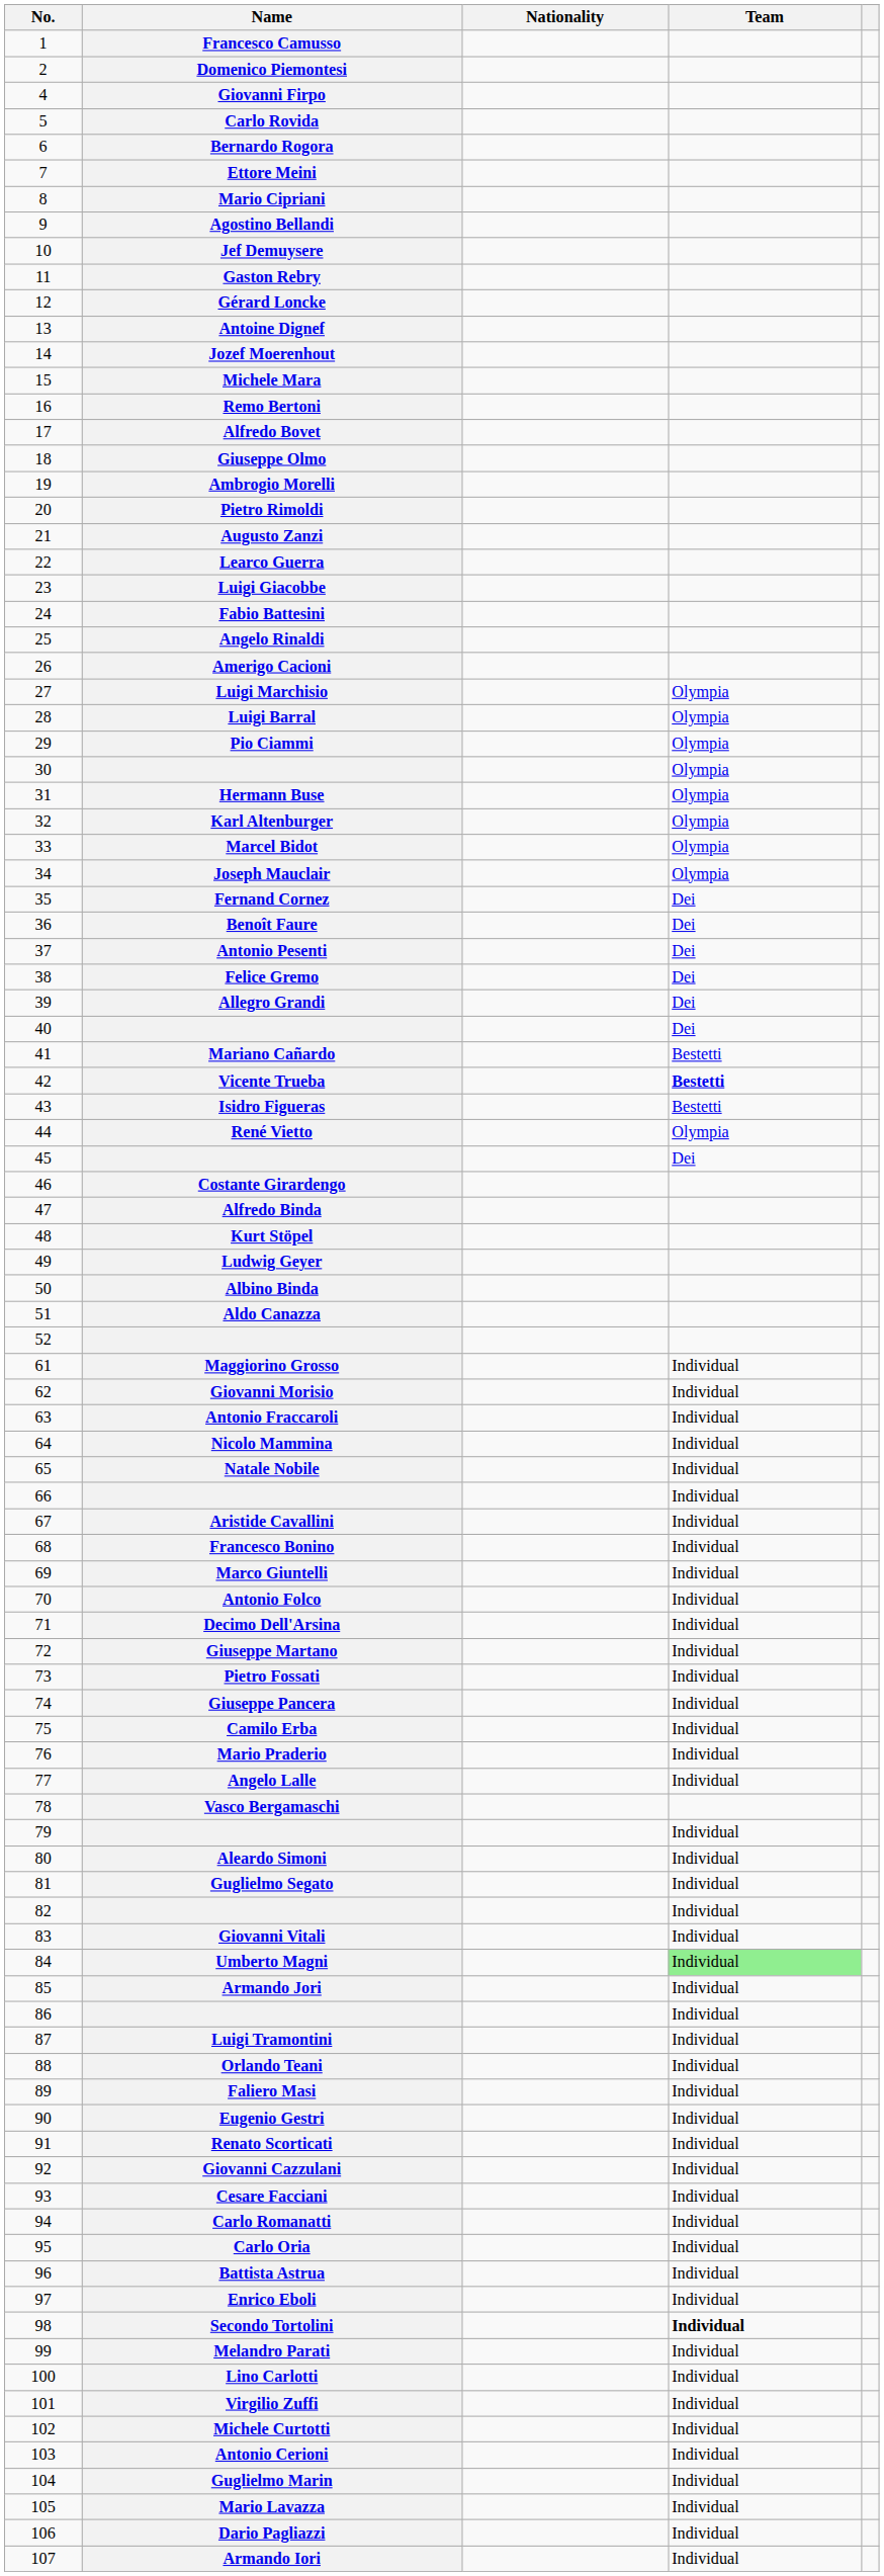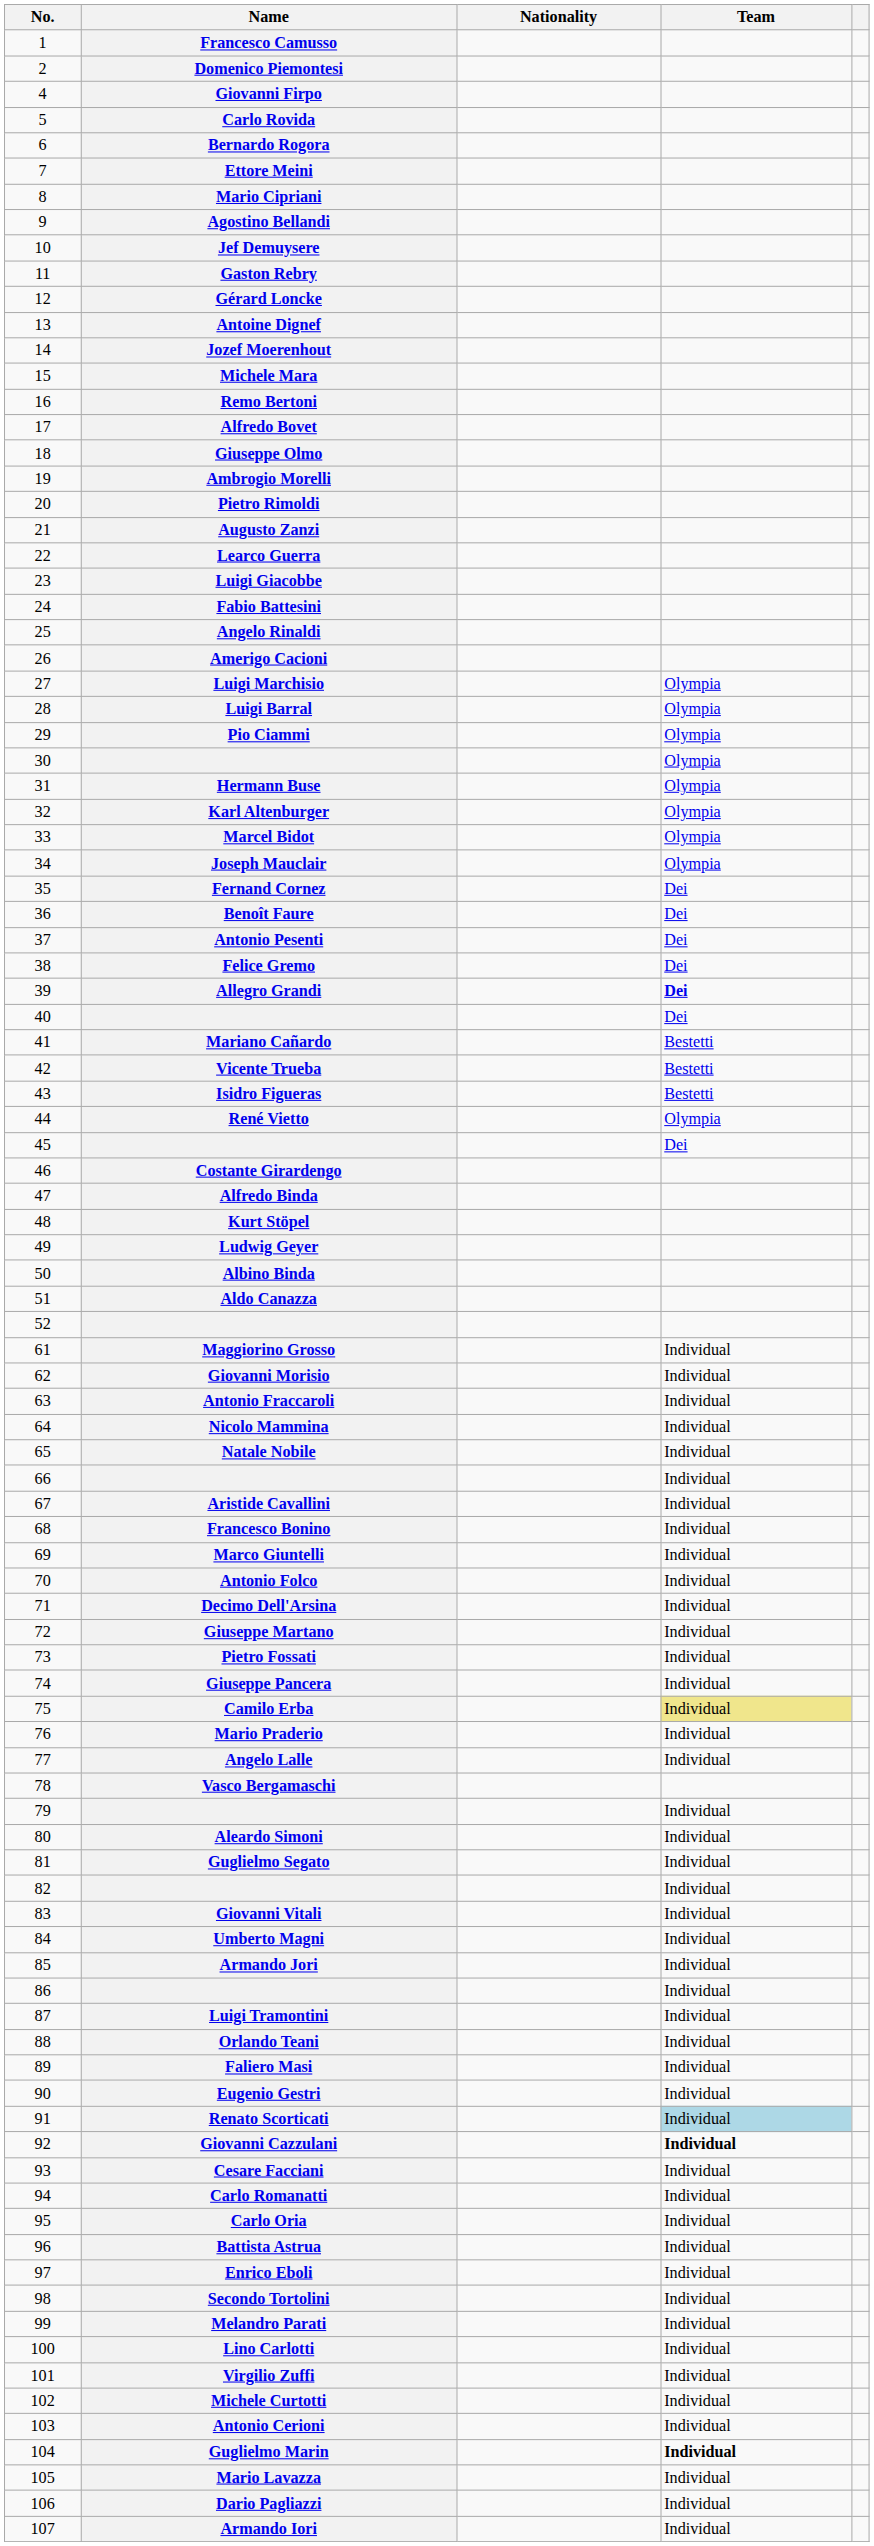 <table class="wikitable plainrowheaders sortable" style="width:97%">
 <tr>
 <th scope="col">No.</th>
 <th scope="col">Name</th>
 <th scope="col">Nationality</th>
 <th scope="col">Team</th>
 <th scope="col" class="unsortable"></th>
 </tr>
 <tr>
 <td style="text-align:center;">1</td>
 <th scope="row"><a href='#'>Francesco Camusso</a></th>
 <td></td>
 <td></td>
 <td style="text-align:center;"></td>
 </tr>
 <tr>
 <td style="text-align:center;">2</td>
 <th scope="row"><a href='#'>Domenico Piemontesi</a></th>
 <td></td>
 <td></td>
 <td style="text-align:center;"></td>
 </tr>
 <tr>
 <td style="text-align:center;">4</td>
 <th scope="row"><a href='#'>Giovanni Firpo</a></th>
 <td></td>
 <td></td>
 <td style="text-align:center;"></td>
 </tr>
 <tr>
 <td style="text-align:center;">5</td>
 <th scope="row"><a href='#'>Carlo Rovida</a></th>
 <td></td>
 <td></td>
 <td style="text-align:center;"></td>
 </tr>
 <tr>
 <td style="text-align:center;">6</td>
 <th scope="row"><a href='#'>Bernardo Rogora</a></th>
 <td></td>
 <td></td>
 <td style="text-align:center;"></td>
 </tr>
 <tr>
 <td style="text-align:center;">7</td>
 <th scope="row"><a href='#'>Ettore Meini</a></th>
 <td></td>
 <td></td>
 <td style="text-align:center;"></td>
 </tr>
 <tr>
 <td style="text-align:center;">8</td>
 <th scope="row"><a href='#'>Mario Cipriani</a></th>
 <td></td>
 <td></td>
 <td style="text-align:center;"></td>
 </tr>
 <tr>
 <td style="text-align:center;">9</td>
 <th scope="row"><a href='#'>Agostino Bellandi</a></th>
 <td></td>
 <td></td>
 <td style="text-align:center;"></td>
 </tr>
 <tr>
 <td style="text-align:center;">10</td>
 <th scope="row"><a href='#'>Jef Demuysere</a></th>
 <td></td>
 <td></td>
 <td style="text-align:center;"></td>
 </tr>
 <tr>
 <td style="text-align:center;">11</td>
 <th scope="row"><a href='#'>Gaston Rebry</a></th>
 <td></td>
 <td></td>
 <td style="text-align:center;"></td>
 </tr>
 <tr>
 <td style="text-align:center;">12</td>
 <th scope="row"><a href='#'>Gérard Loncke</a></th>
 <td></td>
 <td></td>
 <td style="text-align:center;"></td>
 </tr>
 <tr>
 <td style="text-align:center;">13</td>
 <th scope="row"><a href='#'>Antoine Dignef</a></th>
 <td></td>
 <td></td>
 <td style="text-align:center;"></td>
 </tr>
 <tr>
 <td style="text-align:center;">14</td>
 <th scope="row"><a href='#'>Jozef Moerenhout</a></th>
 <td></td>
 <td></td>
 <td style="text-align:center;"></td>
 </tr>
 <tr>
 <td style="text-align:center;">15</td>
 <th scope="row"><a href='#'>Michele Mara</a></th>
 <td></td>
 <td></td>
 <td style="text-align:center;"></td>
 </tr>
 <tr>
 <td style="text-align:center;">16</td>
 <th scope="row"><a href='#'>Remo Bertoni</a></th>
 <td></td>
 <td></td>
 <td style="text-align:center;"></td>
 </tr>
 <tr>
 <td style="text-align:center;">17</td>
 <th scope="row"><a href='#'>Alfredo Bovet</a></th>
 <td></td>
 <td></td>
 <td style="text-align:center;"></td>
 </tr>
 <tr>
 <td style="text-align:center;">18</td>
 <th scope="row"><a href='#'>Giuseppe Olmo</a></th>
 <td></td>
 <td></td>
 <td style="text-align:center;"></td>
 </tr>
 <tr>
 <td style="text-align:center;">19</td>
 <th scope="row"><a href='#'>Ambrogio Morelli</a></th>
 <td></td>
 <td></td>
 <td style="text-align:center;"></td>
 </tr>
 <tr>
 <td style="text-align:center;">20</td>
 <th scope="row"><a href='#'>Pietro Rimoldi</a></th>
 <td></td>
 <td></td>
 <td style="text-align:center;"></td>
 </tr>
 <tr>
 <td style="text-align:center;">21</td>
 <th scope="row"><a href='#'>Augusto Zanzi</a></th>
 <td></td>
 <td></td>
 <td style="text-align:center;"></td>
 </tr>
 <tr>
 <td style="text-align:center;">22</td>
 <th scope="row"><a href='#'>Learco Guerra</a></th>
 <td></td>
 <td></td>
 <td style="text-align:center;"></td>
 </tr>
 <tr>
 <td style="text-align:center;">23</td>
 <th scope="row"><a href='#'>Luigi Giacobbe</a></th>
 <td></td>
 <td></td>
 <td style="text-align:center;"></td>
 </tr>
 <tr>
 <td style="text-align:center;">24</td>
 <th scope="row"><a href='#'>Fabio Battesini</a></th>
 <td></td>
 <td></td>
 <td style="text-align:center;"></td>
 </tr>
 <tr>
 <td style="text-align:center;">25</td>
 <th scope="row"><a href='#'>Angelo Rinaldi</a></th>
 <td></td>
 <td></td>
 <td style="text-align:center;"></td>
 </tr>
 <tr>
 <td style="text-align:center;">26</td>
 <th scope="row"><a href='#'>Amerigo Cacioni</a></th>
 <td></td>
 <td></td>
 <td style="text-align:center;"></td>
 </tr>
 <tr>
 <td style="text-align:center;">27</td>
 <th scope="row"><a href='#'>Luigi Marchisio</a></th>
 <td></td>
 <td><a href='#'>Olympia</a></td>
 <td style="text-align:center;"></td>
 </tr>
 <tr>
 <td style="text-align:center;">28</td>
 <th scope="row"><a href='#'>Luigi Barral</a></th>
 <td></td>
 <td><a href='#'>Olympia</a></td>
 <td style="text-align:center;"></td>
 </tr>
 <tr>
 <td style="text-align:center;">29</td>
 <th scope="row"><a href='#'>Pio Ciammi</a></th>
 <td></td>
 <td><a href='#'>Olympia</a></td>
 <td style="text-align:center;"></td>
 </tr>
 <tr>
 <td style="text-align:center;">30</td>
 <th scope="row"></th>
 <td></td>
 <td><a href='#'>Olympia</a></td>
 <td style="text-align:center;"></td>
 </tr>
 <tr>
 <td style="text-align:center;">31</td>
 <th scope="row"><a href='#'>Hermann Buse</a></th>
 <td></td>
 <td><a href='#'>Olympia</a></td>
 <td style="text-align:center;"></td>
 </tr>
 <tr>
 <td style="text-align:center;">32</td>
 <th scope="row"><a href='#'>Karl Altenburger</a></th>
 <td></td>
 <td><a href='#'>Olympia</a></td>
 <td style="text-align:center;"></td>
 </tr>
 <tr>
 <td style="text-align:center;">33</td>
 <th scope="row"><a href='#'>Marcel Bidot</a></th>
 <td></td>
 <td><a href='#'>Olympia</a></td>
 <td style="text-align:center;"></td>
 </tr>
 <tr>
 <td style="text-align:center;">34</td>
 <th scope="row"><a href='#'>Joseph Mauclair</a></th>
 <td></td>
 <td><a href='#'>Olympia</a></td>
 <td style="text-align:center;"></td>
 </tr>
 <tr>
 <td style="text-align:center;">35</td>
 <th scope="row"><a href='#'>Fernand Cornez</a></th>
 <td></td>
 <td><a href='#'>Dei</a></td>
 <td style="text-align:center;"></td>
 </tr>
 <tr>
 <td style="text-align:center;">36</td>
 <th scope="row"><a href='#'>Benoît Faure</a></th>
 <td></td>
 <td><a href='#'>Dei</a></td>
 <td style="text-align:center;"></td>
 </tr>
 <tr>
 <td style="text-align:center;">37</td>
 <th scope="row"><a href='#'>Antonio Pesenti</a></th>
 <td></td>
 <td><a href='#'>Dei</a></td>
 <td style="text-align:center;"></td>
 </tr>
 <tr>
 <td style="text-align:center;">38</td>
 <th scope="row"><a href='#'>Felice Gremo</a></th>
 <td></td>
 <td><a href='#'>Dei</a></td>
 <td style="text-align:center;"></td>
 </tr>
 <tr>
 <td style="text-align:center;">39</td>
 <th scope="row"><a href='#'>Allegro Grandi</a></th>
 <td></td>
-<td><a href='#'>Dei</a></td>
+<td><strong><a href='#'>Dei</a></strong></td>
 <td style="text-align:center;"></td>
 </tr>
 <tr>
 <td style="text-align:center;">40</td>
 <th scope="row"></th>
 <td></td>
 <td><a href='#'>Dei</a></td>
 <td style="text-align:center;"></td>
 </tr>
 <tr>
 <td style="text-align:center;">41</td>
 <th scope="row"><a href='#'>Mariano Cañardo</a></th>
 <td></td>
 <td><a href='#'>Bestetti</a></td>
 <td style="text-align:center;"></td>
 </tr>
 <tr>
 <td style="text-align:center;">42</td>
 <th scope="row"><a href='#'>Vicente Trueba</a></th>
 <td></td>
-<td><strong><a href='#'>Bestetti</a></strong></td>
+<td><a href='#'>Bestetti</a></td>
 <td style="text-align:center;"></td>
 </tr>
 <tr>
 <td style="text-align:center;">43</td>
 <th scope="row"><a href='#'>Isidro Figueras</a></th>
 <td></td>
 <td><a href='#'>Bestetti</a></td>
 <td style="text-align:center;"></td>
 </tr>
 <tr>
 <td style="text-align:center;">44</td>
 <th scope="row"><a href='#'>René Vietto</a></th>
 <td></td>
 <td><a href='#'>Olympia</a></td>
 <td style="text-align:center;"></td>
 </tr>
 <tr>
 <td style="text-align:center;">45</td>
 <th scope="row"></th>
 <td></td>
 <td><a href='#'>Dei</a></td>
 <td style="text-align:center;"></td>
 </tr>
 <tr>
 <td style="text-align:center;">46</td>
 <th scope="row"><a href='#'>Costante Girardengo</a></th>
 <td></td>
 <td></td>
 <td style="text-align:center;"></td>
 </tr>
 <tr>
 <td style="text-align:center;">47</td>
 <th scope="row"><a href='#'>Alfredo Binda</a></th>
 <td></td>
 <td></td>
 <td style="text-align:center;"></td>
 </tr>
 <tr>
 <td style="text-align:center;">48</td>
 <th scope="row"><a href='#'>Kurt Stöpel</a></th>
 <td></td>
 <td></td>
 <td style="text-align:center;"></td>
 </tr>
 <tr>
 <td style="text-align:center;">49</td>
 <th scope="row"><a href='#'>Ludwig Geyer</a></th>
 <td></td>
 <td></td>
 <td style="text-align:center;"></td>
 </tr>
 <tr>
 <td style="text-align:center;">50</td>
 <th scope="row"><a href='#'>Albino Binda</a></th>
 <td></td>
 <td></td>
 <td style="text-align:center;"></td>
 </tr>
 <tr>
 <td style="text-align:center;">51</td>
 <th scope="row"><a href='#'>Aldo Canazza</a></th>
 <td></td>
 <td></td>
 <td style="text-align:center;"></td>
 </tr>
 <tr>
 <td style="text-align:center;">52</td>
 <th scope="row"></th>
 <td></td>
 <td></td>
 <td style="text-align:center;"></td>
 </tr>
 <tr>
 <td style="text-align:center;">61</td>
 <th scope="row"><a href='#'>Maggiorino Grosso</a></th>
 <td></td>
 <td>Individual</td>
 <td style="text-align:center;"></td>
 </tr>
 <tr>
 <td style="text-align:center;">62</td>
 <th scope="row"><a href='#'>Giovanni Morisio</a></th>
 <td></td>
 <td>Individual</td>
 <td style="text-align:center;"></td>
 </tr>
 <tr>
 <td style="text-align:center;">63</td>
 <th scope="row"><a href='#'>Antonio Fraccaroli</a></th>
 <td></td>
 <td>Individual</td>
 <td style="text-align:center;"></td>
 </tr>
 <tr>
 <td style="text-align:center;">64</td>
 <th scope="row"><a href='#'>Nicolo Mammina</a></th>
 <td></td>
 <td>Individual</td>
 <td style="text-align:center;"></td>
 </tr>
 <tr>
 <td style="text-align:center;">65</td>
 <th scope="row"><a href='#'>Natale Nobile</a></th>
 <td></td>
 <td>Individual</td>
 <td style="text-align:center;"></td>
 </tr>
 <tr>
 <td style="text-align:center;">66</td>
 <th scope="row"></th>
 <td></td>
 <td>Individual</td>
 <td style="text-align:center;"></td>
 </tr>
 <tr>
 <td style="text-align:center;">67</td>
 <th scope="row"><a href='#'>Aristide Cavallini</a></th>
 <td></td>
 <td>Individual</td>
 <td style="text-align:center;"></td>
 </tr>
 <tr>
 <td style="text-align:center;">68</td>
 <th scope="row"><a href='#'>Francesco Bonino</a></th>
 <td></td>
 <td>Individual</td>
 <td style="text-align:center;"></td>
 </tr>
 <tr>
 <td style="text-align:center;">69</td>
 <th scope="row"><a href='#'>Marco Giuntelli</a></th>
 <td></td>
 <td>Individual</td>
 <td style="text-align:center;"></td>
 </tr>
 <tr>
 <td style="text-align:center;">70</td>
 <th scope="row"><a href='#'>Antonio Folco</a></th>
 <td></td>
 <td>Individual</td>
 <td style="text-align:center;"></td>
 </tr>
 <tr>
 <td style="text-align:center;">71</td>
 <th scope="row"><a href='#'>Decimo Dell'Arsina</a></th>
 <td></td>
 <td>Individual</td>
 <td style="text-align:center;"></td>
 </tr>
 <tr>
 <td style="text-align:center;">72</td>
 <th scope="row"><a href='#'>Giuseppe Martano</a></th>
 <td></td>
 <td>Individual</td>
 <td style="text-align:center;"></td>
 </tr>
 <tr>
 <td style="text-align:center;">73</td>
 <th scope="row"><a href='#'>Pietro Fossati</a></th>
 <td></td>
 <td>Individual</td>
 <td style="text-align:center;"></td>
 </tr>
 <tr>
 <td style="text-align:center;">74</td>
 <th scope="row"><a href='#'>Giuseppe Pancera</a></th>
 <td></td>
 <td>Individual</td>
 <td style="text-align:center;"></td>
 </tr>
 <tr>
 <td style="text-align:center;">75</td>
 <th scope="row"><a href='#'>Camilo Erba</a></th>
 <td></td>
-<td>Individual</td>
+<td style="background: khaki;">Individual</td>
 <td style="text-align:center;"></td>
 </tr>
 <tr>
 <td style="text-align:center;">76</td>
 <th scope="row"><a href='#'>Mario Praderio</a></th>
 <td></td>
 <td>Individual</td>
 <td style="text-align:center;"></td>
 </tr>
 <tr>
 <td style="text-align:center;">77</td>
 <th scope="row"><a href='#'>Angelo Lalle</a></th>
 <td></td>
 <td>Individual</td>
 <td style="text-align:center;"></td>
 </tr>
 <tr>
 <td style="text-align:center;">78</td>
 <th scope="row"><a href='#'>Vasco Bergamaschi</a></th>
 <td></td>
 <td></td>
 <td style="text-align:center;"></td>
 </tr>
 <tr>
 <td style="text-align:center;">79</td>
 <th scope="row"></th>
 <td></td>
 <td>Individual</td>
 <td style="text-align:center;"></td>
 </tr>
 <tr>
 <td style="text-align:center;">80</td>
 <th scope="row"><a href='#'>Aleardo Simoni</a></th>
 <td></td>
 <td>Individual</td>
 <td style="text-align:center;"></td>
 </tr>
 <tr>
 <td style="text-align:center;">81</td>
 <th scope="row"><a href='#'>Guglielmo Segato</a></th>
 <td></td>
 <td>Individual</td>
 <td style="text-align:center;"></td>
 </tr>
 <tr>
 <td style="text-align:center;">82</td>
 <th scope="row"></th>
 <td></td>
 <td>Individual</td>
 <td style="text-align:center;"></td>
 </tr>
 <tr>
 <td style="text-align:center;">83</td>
 <th scope="row"><a href='#'>Giovanni Vitali</a></th>
 <td></td>
 <td>Individual</td>
 <td style="text-align:center;"></td>
 </tr>
 <tr>
 <td style="text-align:center;">84</td>
 <th scope="row"><a href='#'>Umberto Magni</a></th>
 <td></td>
-<td style="background: lightgreen;">Individual</td>
+<td>Individual</td>
 <td style="text-align:center;"></td>
 </tr>
 <tr>
 <td style="text-align:center;">85</td>
 <th scope="row"><a href='#'>Armando Jori</a></th>
 <td></td>
 <td>Individual</td>
 <td style="text-align:center;"></td>
 </tr>
 <tr>
 <td style="text-align:center;">86</td>
 <th scope="row"></th>
 <td></td>
 <td>Individual</td>
 <td style="text-align:center;"></td>
 </tr>
 <tr>
 <td style="text-align:center;">87</td>
 <th scope="row"><a href='#'>Luigi Tramontini</a></th>
 <td></td>
 <td>Individual</td>
 <td style="text-align:center;"></td>
 </tr>
 <tr>
 <td style="text-align:center;">88</td>
 <th scope="row"><a href='#'>Orlando Teani</a></th>
 <td></td>
 <td>Individual</td>
 <td style="text-align:center;"></td>
 </tr>
 <tr>
 <td style="text-align:center;">89</td>
 <th scope="row"><a href='#'>Faliero Masi</a></th>
 <td></td>
 <td>Individual</td>
 <td style="text-align:center;"></td>
 </tr>
 <tr>
 <td style="text-align:center;">90</td>
 <th scope="row"><a href='#'>Eugenio Gestri</a></th>
 <td></td>
 <td>Individual</td>
 <td style="text-align:center;"></td>
 </tr>
 <tr>
 <td style="text-align:center;">91</td>
 <th scope="row"><a href='#'>Renato Scorticati</a></th>
 <td></td>
-<td>Individual</td>
+<td style="background: lightblue;">Individual</td>
 <td style="text-align:center;"></td>
 </tr>
 <tr>
 <td style="text-align:center;">92</td>
 <th scope="row"><a href='#'>Giovanni Cazzulani</a></th>
 <td></td>
-<td>Individual</td>
+<td><strong>Individual</strong></td>
 <td style="text-align:center;"></td>
 </tr>
 <tr>
 <td style="text-align:center;">93</td>
 <th scope="row"><a href='#'>Cesare Facciani</a></th>
 <td></td>
 <td>Individual</td>
 <td style="text-align:center;"></td>
 </tr>
 <tr>
 <td style="text-align:center;">94</td>
 <th scope="row"><a href='#'>Carlo Romanatti</a></th>
 <td></td>
 <td>Individual</td>
 <td style="text-align:center;"></td>
 </tr>
 <tr>
 <td style="text-align:center;">95</td>
 <th scope="row"><a href='#'>Carlo Oria</a></th>
 <td></td>
 <td>Individual</td>
 <td style="text-align:center;"></td>
 </tr>
 <tr>
 <td style="text-align:center;">96</td>
 <th scope="row"><a href='#'>Battista Astrua</a></th>
 <td></td>
 <td>Individual</td>
 <td style="text-align:center;"></td>
 </tr>
 <tr>
 <td style="text-align:center;">97</td>
 <th scope="row"><a href='#'>Enrico Eboli</a></th>
 <td></td>
 <td>Individual</td>
 <td style="text-align:center;"></td>
 </tr>
 <tr>
 <td style="text-align:center;">98</td>
 <th scope="row"><a href='#'>Secondo Tortolini</a></th>
 <td></td>
-<td><strong>Individual</strong></td>
+<td>Individual</td>
 <td style="text-align:center;"></td>
 </tr>
 <tr>
 <td style="text-align:center;">99</td>
 <th scope="row"><a href='#'>Melandro Parati</a></th>
 <td></td>
 <td>Individual</td>
 <td style="text-align:center;"></td>
 </tr>
 <tr>
 <td style="text-align:center;">100</td>
 <th scope="row"><a href='#'>Lino Carlotti</a></th>
 <td></td>
 <td>Individual</td>
 <td style="text-align:center;"></td>
 </tr>
 <tr>
 <td style="text-align:center;">101</td>
 <th scope="row"><a href='#'>Virgilio Zuffi</a></th>
 <td></td>
 <td>Individual</td>
 <td style="text-align:center;"></td>
 </tr>
 <tr>
 <td style="text-align:center;">102</td>
 <th scope="row"><a href='#'>Michele Curtotti</a></th>
 <td></td>
 <td>Individual</td>
 <td style="text-align:center;"></td>
 </tr>
 <tr>
 <td style="text-align:center;">103</td>
 <th scope="row"><a href='#'>Antonio Cerioni</a></th>
 <td></td>
 <td>Individual</td>
 <td style="text-align:center;"></td>
 </tr>
 <tr>
 <td style="text-align:center;">104</td>
 <th scope="row"><a href='#'>Guglielmo Marin</a></th>
 <td></td>
-<td>Individual</td>
+<td><strong>Individual</strong></td>
 <td style="text-align:center;"></td>
 </tr>
 <tr>
 <td style="text-align:center;">105</td>
 <th scope="row"><a href='#'>Mario Lavazza</a></th>
 <td></td>
 <td>Individual</td>
 <td style="text-align:center;"></td>
 </tr>
 <tr>
 <td style="text-align:center;">106</td>
 <th scope="row"><a href='#'>Dario Pagliazzi</a></th>
 <td></td>
 <td>Individual</td>
 <td style="text-align:center;"></td>
 </tr>
 <tr>
 <td style="text-align:center;">107</td>
 <th scope="row"><a href='#'>Armando Iori</a></th>
 <td></td>
 <td>Individual</td>
 <td style="text-align:center;"></td>
 </tr>
 </table>
